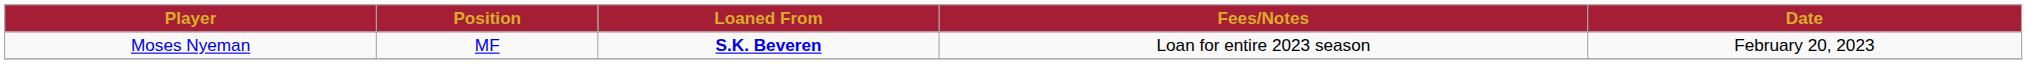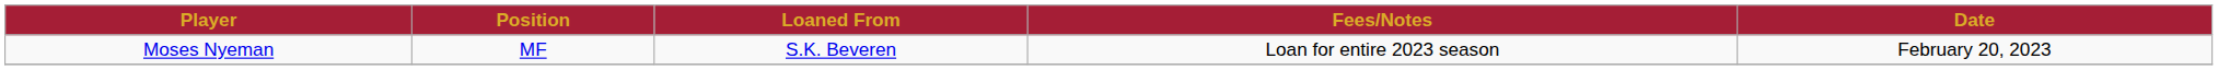 <table class="wikitable sortable" style="width:90%; text-align:center; font-size:95%;">
 <tr>
 <th style="background:#A51E36; color:#DAAC27; text-align:center;"><strong>Player </strong></th>
 <th style="background:#A51E36; color:#DAAC27; text-align:center;"><strong>Position </strong></th>
 <th style="background:#A51E36; color:#DAAC27; text-align:center;"><strong>Loaned From</strong></th>
 <th style="background:#A51E36; color:#DAAC27; text-align:center;"><strong>Fees/Notes </strong></th>
 <th style="background:#A51E36; color:#DAAC27; text-align:center;"><strong>Date</strong></th>
 </tr>
 <tr>
 <td> <a href='#'>Moses Nyeman</a></td>
 <td><a href='#'>MF</a></td>
-<td><strong> <a href='#'>S.K. Beveren</a></strong></td>
+<td> <a href='#'>S.K. Beveren</a></td>
 <td>Loan for entire 2023 season</td>
 <td>February 20, 2023</td>
 </tr>
 <tr>
 </tr>
 </table>
